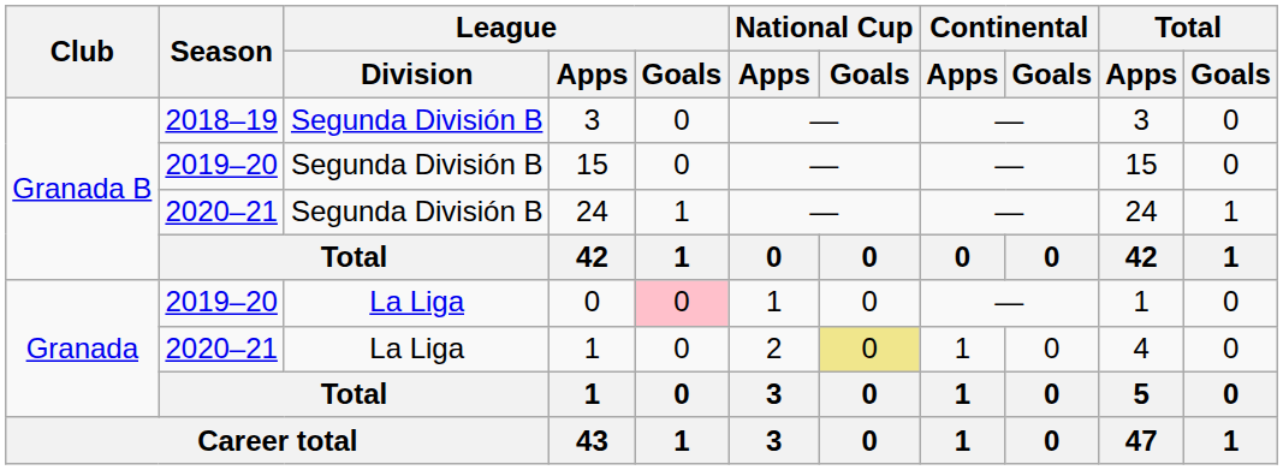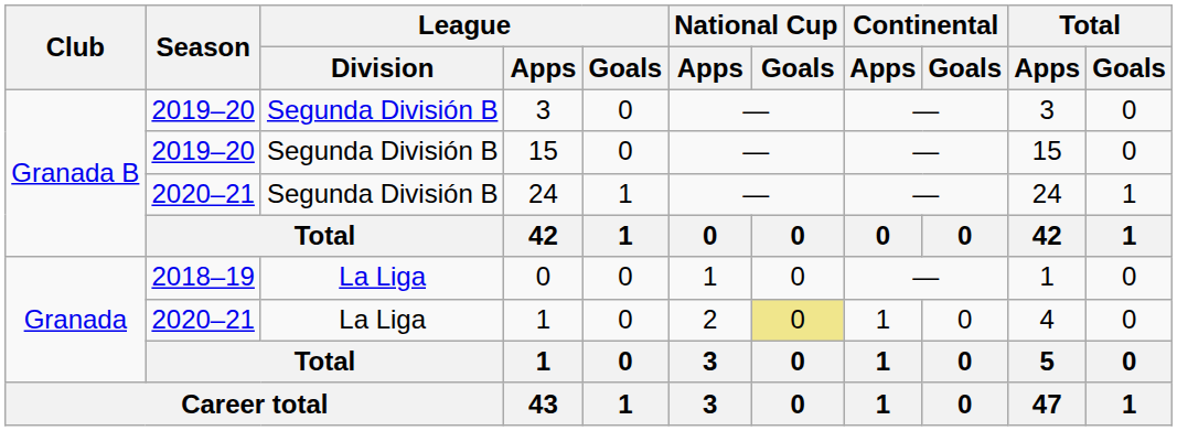 <table class="wikitable" style="text-align:center">
 <tr>
 <th rowspan="2">Club</th>
 <th rowspan="2">Season</th>
 <th colspan="3">League</th>
 <th colspan="2">National Cup</th>
 <th colspan="2">Continental</th>
 <th colspan="2">Total</th>
 </tr>
 <tr>
 <th>Division</th>
 <th>Apps</th>
 <th>Goals</th>
 <th>Apps</th>
 <th>Goals</th>
 <th>Apps</th>
 <th>Goals</th>
 <th>Apps</th>
 <th>Goals</th>
 </tr>
 <tr>
 <td rowspan="4"><a href='#'>Granada B</a></td>
-<td><a href='#'>2018–19</a></td>
+<td><a href='#'>2019–20</a></td>
 <td><a href='#'>Segunda División B</a></td>
 <td>3</td>
 <td>0</td>
 <td colspan="2">—</td>
 <td colspan="2">—</td>
 <td>3</td>
 <td>0</td>
 </tr>
 <tr>
 <td><a href='#'>2019–20</a></td>
 <td>Segunda División B</td>
 <td>15</td>
 <td>0</td>
 <td colspan="2">—</td>
 <td colspan="2">—</td>
 <td>15</td>
 <td>0</td>
 </tr>
 <tr>
 <td><a href='#'>2020–21</a></td>
 <td>Segunda División B</td>
 <td>24</td>
 <td>1</td>
 <td colspan="2">—</td>
 <td colspan="2">—</td>
 <td>24</td>
 <td>1</td>
 </tr>
 <tr>
 <th colspan="2">Total</th>
 <th>42</th>
 <th>1</th>
 <th>0</th>
 <th>0</th>
 <th>0</th>
 <th>0</th>
 <th>42</th>
 <th>1</th>
 </tr>
 <tr>
 <td rowspan="3"><a href='#'>Granada</a></td>
-<td><a href='#'>2019–20</a></td>
+<td><a href='#'>2018–19</a></td>
 <td><a href='#'>La Liga</a></td>
 <td>0</td>
-<td style="background: pink;">0</td>
+<td>0</td>
 <td>1</td>
 <td>0</td>
 <td colspan="2">—</td>
 <td>1</td>
 <td>0</td>
 </tr>
 <tr>
 <td><a href='#'>2020–21</a></td>
 <td>La Liga</td>
 <td>1</td>
 <td>0</td>
 <td>2</td>
 <td style="background: khaki;">0</td>
 <td>1</td>
 <td>0</td>
 <td>4</td>
 <td>0</td>
 </tr>
 <tr>
 <th colspan="2">Total</th>
 <th>1</th>
 <th>0</th>
 <th>3</th>
 <th>0</th>
 <th>1</th>
 <th>0</th>
 <th>5</th>
 <th>0</th>
 </tr>
 <tr>
 <th colspan="3">Career total</th>
 <th>43</th>
 <th>1</th>
 <th>3</th>
 <th>0</th>
 <th>1</th>
 <th>0</th>
 <th>47</th>
 <th>1</th>
 </tr>
 </table>
